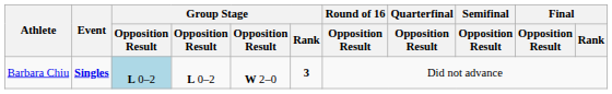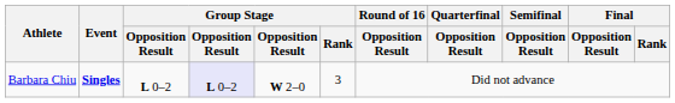 <table class=wikitable style="font-size:90%">
 <tr>
 <th rowspan="2">Athlete</th>
 <th rowspan="2">Event</th>
 <th colspan="4">Group Stage</th>
 <th>Round of 16</th>
 <th>Quarterfinal</th>
 <th>Semifinal</th>
 <th colspan=2>Final</th>
 </tr>
 <tr>
 <th>Opposition<br>Result</th>
 <th>Opposition<br>Result</th>
 <th>Opposition<br>Result</th>
 <th>Rank</th>
 <th>Opposition<br>Result</th>
 <th>Opposition<br>Result</th>
 <th>Opposition<br>Result</th>
 <th>Opposition<br>Result</th>
 <th>Rank</th>
 </tr>
 <tr align=center>
 <td align=left><a href='#'>Barbara Chiu</a></td>
 <td align=left><strong><a href='#'>Singles</a></strong></td>
-<td style="background: lightblue;"><br><strong>L</strong> 0–2</td>
 <td><br><strong>L</strong> 0–2</td>
+<td style="background: lavender;"><br><strong>L</strong> 0–2</td>
 <td><br><strong>W</strong> 2–0</td>
-<td><strong>3</strong></td>
+<td>3</td>
 <td colspan=5>Did not advance</td>
 </tr>
 </table>
